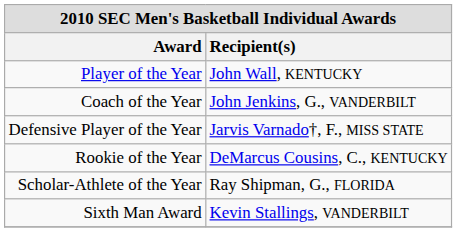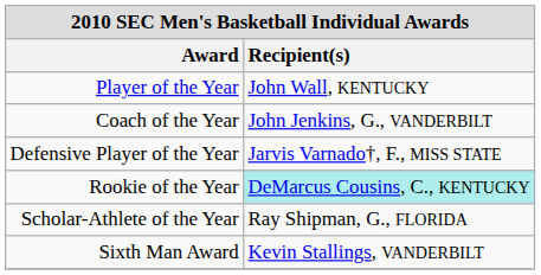 <table class="wikitable" style="white-space:nowrap; font-size:90%;">
 <tr>
 <td colspan="7" style="text-align:center; background:#DDDDDD;"><strong>2010 SEC Men's Basketball Individual Awards</strong></td>
 </tr>
 <tr>
 <th style="text-align:right;">Award</th>
 <th style="text-align:left;">Recipient(s)</th>
 </tr>
 <tr>
 <td style="text-align:right;"><a href='#'>Player of the Year</a></td>
 <td style="text-align:left;"><a href='#'>John Wall</a>, <small>KENTUCKY</small></td>
 </tr>
 <tr>
 <td style="text-align:right;">Coach of the Year</td>
 <td style="text-align:left;"><a href='#'>John Jenkins</a>, G., <small>VANDERBILT</small></td>
 </tr>
 <tr>
 <td style="text-align:right;">Defensive Player of the Year</td>
 <td style="text-align:left;"><a href='#'>Jarvis Varnado</a>†, F., <small>MISS STATE</small></td>
 </tr>
 <tr>
 <td style="text-align:right;">Rookie of the Year</td>
-<td style="text-align:left;"><a href='#'>DeMarcus Cousins</a>, C., <small>KENTUCKY</small></td>
+<td style="background: paleturquoise; text-align:left;"><a href='#'>DeMarcus Cousins</a>, C., <small>KENTUCKY</small></td>
 </tr>
 <tr>
 <td style="text-align:right;">Scholar-Athlete of the Year</td>
 <td style="text-align:left;">Ray Shipman, G., <small>FLORIDA</small></td>
 </tr>
 <tr>
 <td style="text-align:right;">Sixth Man Award</td>
 <td style="text-align:left;"><a href='#'>Kevin Stallings</a>, <small>VANDERBILT</small></td>
 </tr>
 <tr>
 </tr>
 </table>
